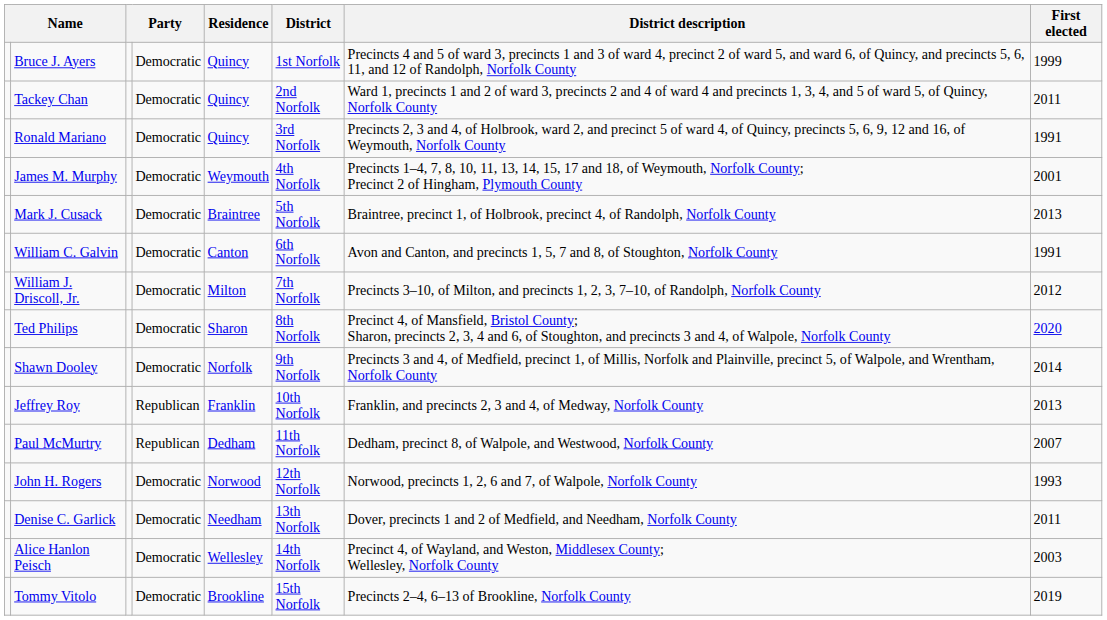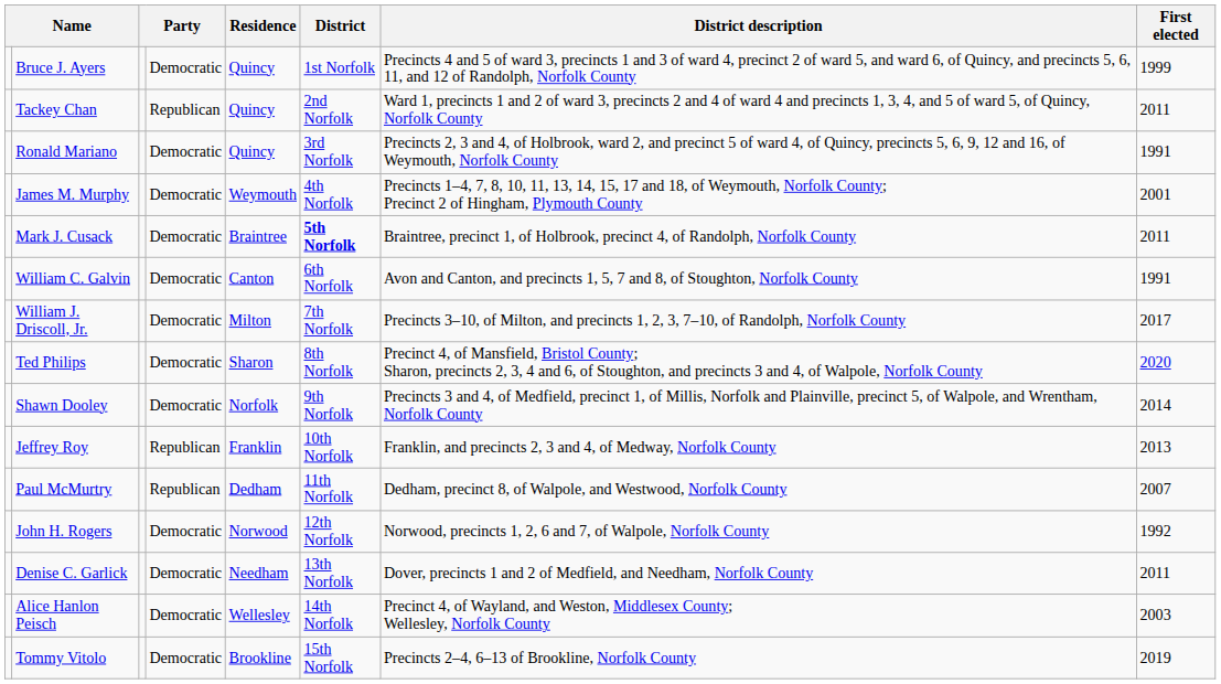 <table class="wikitable sortable" style="text-align:left;">
 <tr>
 <th colspan="2">Name</th>
 <th colspan=2>Party</th>
 <th>Residence</th>
 <th>District</th>
 <th>District description</th>
 <th>First elected</th>
 </tr>
 <tr>
 <td></td>
 <td><a href='#'>Bruce J. Ayers</a></td>
 <td style="background-color:"></td>
 <td>Democratic</td>
 <td><a href='#'>Quincy</a></td>
 <td><a href='#'>1st Norfolk</a></td>
 <td>Precincts 4 and 5 of ward 3, precincts 1 and 3 of ward 4, precinct 2 of ward 5, and ward 6, of Quincy, and precincts 5, 6, 11, and 12 of Randolph, <a href='#'>Norfolk County</a></td>
 <td>1999</td>
 </tr>
 <tr>
 <td></td>
 <td><a href='#'>Tackey Chan</a></td>
 <td style="background-color:"></td>
-<td>Democratic</td>
+<td>Republican</td>
 <td><a href='#'>Quincy</a></td>
 <td><a href='#'>2nd Norfolk</a></td>
 <td>Ward 1, precincts 1 and 2 of ward 3, precincts 2 and 4 of ward 4 and precincts 1, 3, 4, and 5 of ward 5, of Quincy, <a href='#'>Norfolk County</a></td>
 <td>2011</td>
 </tr>
 <tr>
 <td></td>
 <td><a href='#'>Ronald Mariano</a></td>
 <td style="background-color:"></td>
 <td>Democratic</td>
 <td><a href='#'>Quincy</a></td>
 <td><a href='#'>3rd Norfolk</a></td>
 <td>Precincts 2, 3 and 4, of Holbrook, ward 2, and precinct 5 of ward 4, of Quincy, precincts 5, 6, 9, 12 and 16, of Weymouth, <a href='#'>Norfolk County</a></td>
 <td>1991</td>
 </tr>
 <tr>
 <td></td>
 <td><a href='#'>James M. Murphy</a></td>
 <td style="background-color:"></td>
 <td>Democratic</td>
 <td><a href='#'>Weymouth</a></td>
 <td><a href='#'>4th Norfolk</a></td>
 <td>Precincts 1–4, 7, 8, 10, 11, 13, 14, 15, 17 and 18, of Weymouth, <a href='#'>Norfolk County</a>;<br>Precinct 2 of Hingham, <a href='#'>Plymouth County</a></td>
 <td>2001</td>
 </tr>
 <tr>
 <td></td>
 <td><a href='#'>Mark J. Cusack</a></td>
 <td style="background-color:"></td>
 <td>Democratic</td>
 <td><a href='#'>Braintree</a></td>
-<td><a href='#'>5th Norfolk</a></td>
+<td><strong><a href='#'>5th Norfolk</a></strong></td>
 <td>Braintree, precinct 1, of Holbrook, precinct 4, of Randolph, <a href='#'>Norfolk County</a></td>
-<td>2013</td>
+<td>2011</td>
 </tr>
 <tr>
 <td></td>
 <td><a href='#'>William C. Galvin</a></td>
 <td style="background-color:"></td>
 <td>Democratic</td>
 <td><a href='#'>Canton</a></td>
 <td><a href='#'>6th Norfolk</a></td>
 <td>Avon and Canton, and precincts 1, 5, 7 and 8, of Stoughton, <a href='#'>Norfolk County</a></td>
 <td>1991</td>
 </tr>
 <tr>
 <td></td>
 <td><a href='#'>William J. Driscoll, Jr.</a></td>
 <td style="background-color:"></td>
 <td>Democratic</td>
 <td><a href='#'>Milton</a></td>
 <td><a href='#'>7th Norfolk</a></td>
 <td>Precincts 3–10, of Milton, and precincts 1, 2, 3, 7–10, of Randolph, <a href='#'>Norfolk County</a></td>
-<td>2012</td>
+<td>2017</td>
 </tr>
 <tr>
 <td></td>
 <td><a href='#'>Ted Philips</a></td>
 <td style="background-color:"></td>
 <td>Democratic</td>
 <td><a href='#'>Sharon</a></td>
 <td><a href='#'>8th Norfolk</a></td>
 <td>Precinct 4, of Mansfield, <a href='#'>Bristol County</a>;<br>Sharon, precincts 2, 3, 4 and 6, of Stoughton, and precincts 3 and 4, of Walpole, <a href='#'>Norfolk County</a></td>
 <td><a href='#'>2020</a></td>
 </tr>
 <tr>
 <td></td>
 <td><a href='#'>Shawn Dooley</a></td>
 <td style="background-color:"></td>
 <td>Democratic</td>
 <td><a href='#'>Norfolk</a></td>
 <td><a href='#'>9th Norfolk</a></td>
 <td>Precincts 3 and 4, of Medfield, precinct 1, of Millis, Norfolk and Plainville, precinct 5, of Walpole, and Wrentham, <a href='#'>Norfolk County</a></td>
 <td>2014</td>
 </tr>
 <tr>
 <td></td>
 <td><a href='#'>Jeffrey Roy</a></td>
 <td style="background-color:"></td>
 <td>Republican</td>
 <td><a href='#'>Franklin</a></td>
 <td><a href='#'>10th Norfolk</a></td>
 <td>Franklin, and precincts 2, 3 and 4, of Medway, <a href='#'>Norfolk County</a></td>
 <td>2013</td>
 </tr>
 <tr>
 <td></td>
 <td><a href='#'>Paul McMurtry</a></td>
 <td style="background-color:"></td>
 <td>Republican</td>
 <td><a href='#'>Dedham</a></td>
 <td><a href='#'>11th Norfolk</a></td>
 <td>Dedham, precinct 8, of Walpole, and Westwood, <a href='#'>Norfolk County</a></td>
 <td>2007</td>
 </tr>
 <tr>
 <td></td>
 <td><a href='#'>John H. Rogers</a></td>
 <td style="background-color:"></td>
 <td>Democratic</td>
 <td><a href='#'>Norwood</a></td>
 <td><a href='#'>12th Norfolk</a></td>
 <td>Norwood, precincts 1, 2, 6 and 7, of Walpole, <a href='#'>Norfolk County</a></td>
-<td>1993</td>
+<td>1992</td>
 </tr>
 <tr>
 <td></td>
 <td><a href='#'>Denise C. Garlick</a></td>
 <td style="background-color:"></td>
 <td>Democratic</td>
 <td><a href='#'>Needham</a></td>
 <td><a href='#'>13th Norfolk</a></td>
 <td>Dover, precincts 1 and 2 of Medfield, and Needham, <a href='#'>Norfolk County</a></td>
 <td>2011</td>
 </tr>
 <tr>
 <td></td>
 <td><a href='#'>Alice Hanlon Peisch</a></td>
 <td style="background-color:"></td>
 <td>Democratic</td>
 <td><a href='#'>Wellesley</a></td>
 <td><a href='#'>14th Norfolk</a></td>
 <td>Precinct 4, of Wayland, and Weston, <a href='#'>Middlesex County</a>;<br>Wellesley, <a href='#'>Norfolk County</a></td>
 <td>2003</td>
 </tr>
 <tr>
 <td></td>
 <td><a href='#'>Tommy Vitolo</a></td>
 <td style="background-color:"></td>
 <td>Democratic</td>
 <td><a href='#'>Brookline</a></td>
 <td><a href='#'>15th Norfolk</a></td>
 <td>Precincts 2–4, 6–13 of Brookline, <a href='#'>Norfolk County</a></td>
 <td>2019</td>
 </tr>
 </table>
